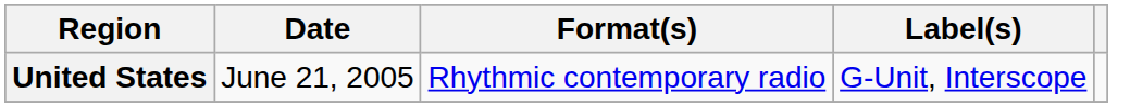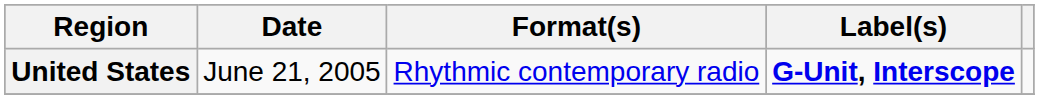 <table class="wikitable plainrowheaders">
 <tr>
 <th scope="col">Region</th>
 <th scope="col">Date</th>
 <th scope="col">Format(s)</th>
 <th scope="col">Label(s)</th>
 <th scope="col"></th>
 </tr>
 <tr>
 <th scope="row">United States</th>
 <td>June 21, 2005</td>
 <td><a href='#'>Rhythmic contemporary radio</a></td>
-<td><a href='#'>G-Unit</a>, <a href='#'>Interscope</a></td>
+<td><strong><a href='#'>G-Unit</a>, <a href='#'>Interscope</a></strong></td>
 <td align="center"></td>
 </tr>
 <tr>
 </tr>
 </table>
